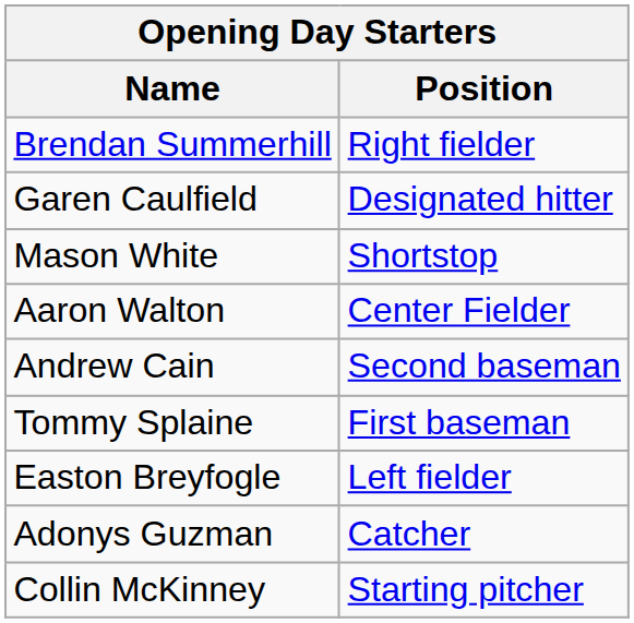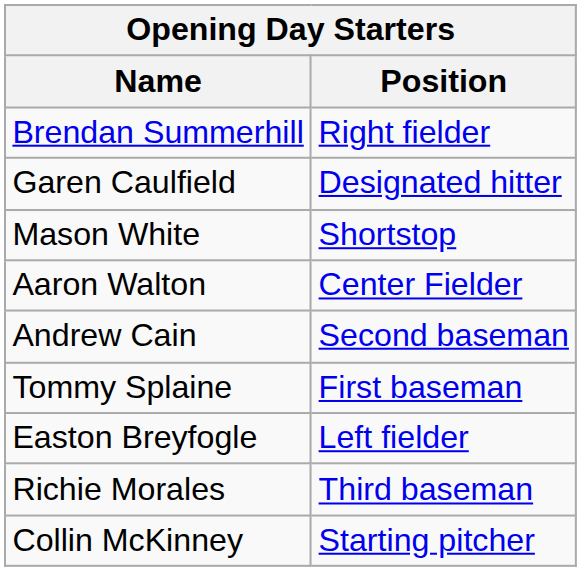 <table class="wikitable">
 <tr>
 <th colspan="2">Opening Day Starters</th>
 </tr>
 <tr>
 <th>Name</th>
 <th>Position</th>
 </tr>
 <tr>
 <td><a href='#'>Brendan Summerhill</a></td>
 <td><a href='#'>Right fielder</a></td>
 </tr>
 <tr>
 <td>Garen Caulfield</td>
 <td><a href='#'>Designated hitter</a></td>
 </tr>
 <tr>
 <td>Mason White</td>
 <td><a href='#'>Shortstop</a></td>
 </tr>
 <tr>
 <td>Aaron Walton</td>
 <td><a href='#'>Center Fielder</a></td>
 </tr>
 <tr>
 <td>Andrew Cain</td>
 <td><a href='#'>Second baseman</a></td>
 </tr>
 <tr>
 <td>Tommy Splaine</td>
 <td><a href='#'>First baseman</a></td>
 </tr>
 <tr>
 <td>Easton Breyfogle</td>
 <td><a href='#'>Left fielder</a></td>
 </tr>
 <tr>
-<td>Adonys Guzman</td>
-<td><a href='#'>Catcher</a></td>
+<td>Richie Morales</td>
+<td><a href='#'>Third baseman</a></td>
 </tr>
 <tr>
 <td>Collin McKinney</td>
 <td><a href='#'>Starting pitcher</a></td>
 </tr>
 </table>
